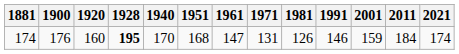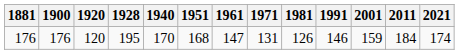 <table class="wikitable">
 <tr class="hintergrundfarbe5">
 <th>1881</th>
 <th>1900</th>
 <th>1920</th>
 <th>1928</th>
 <th>1940</th>
 <th>1951</th>
 <th>1961</th>
 <th>1971</th>
 <th>1981</th>
 <th>1991</th>
 <th>2001</th>
 <th>2011</th>
 <th>2021</th>
 </tr>
 <tr>
-<td style="text-align:right">174</td>
 <td style="text-align:right">176</td>
-<td style="text-align:right">160</td>
-<td style="text-align:right"><strong>195</strong></td>
+<td style="text-align:right">176</td>
+<td style="text-align:right">120</td>
+<td style="text-align:right">195</td>
 <td style="text-align:right">170</td>
 <td style="text-align:right">168</td>
 <td style="text-align:right">147</td>
 <td style="text-align:right">131</td>
 <td style="text-align:right">126</td>
 <td style="text-align:right">146</td>
 <td style="text-align:right">159</td>
 <td style="text-align:right">184</td>
 <td style="text-align:right">174</td>
 </tr>
 </table>
